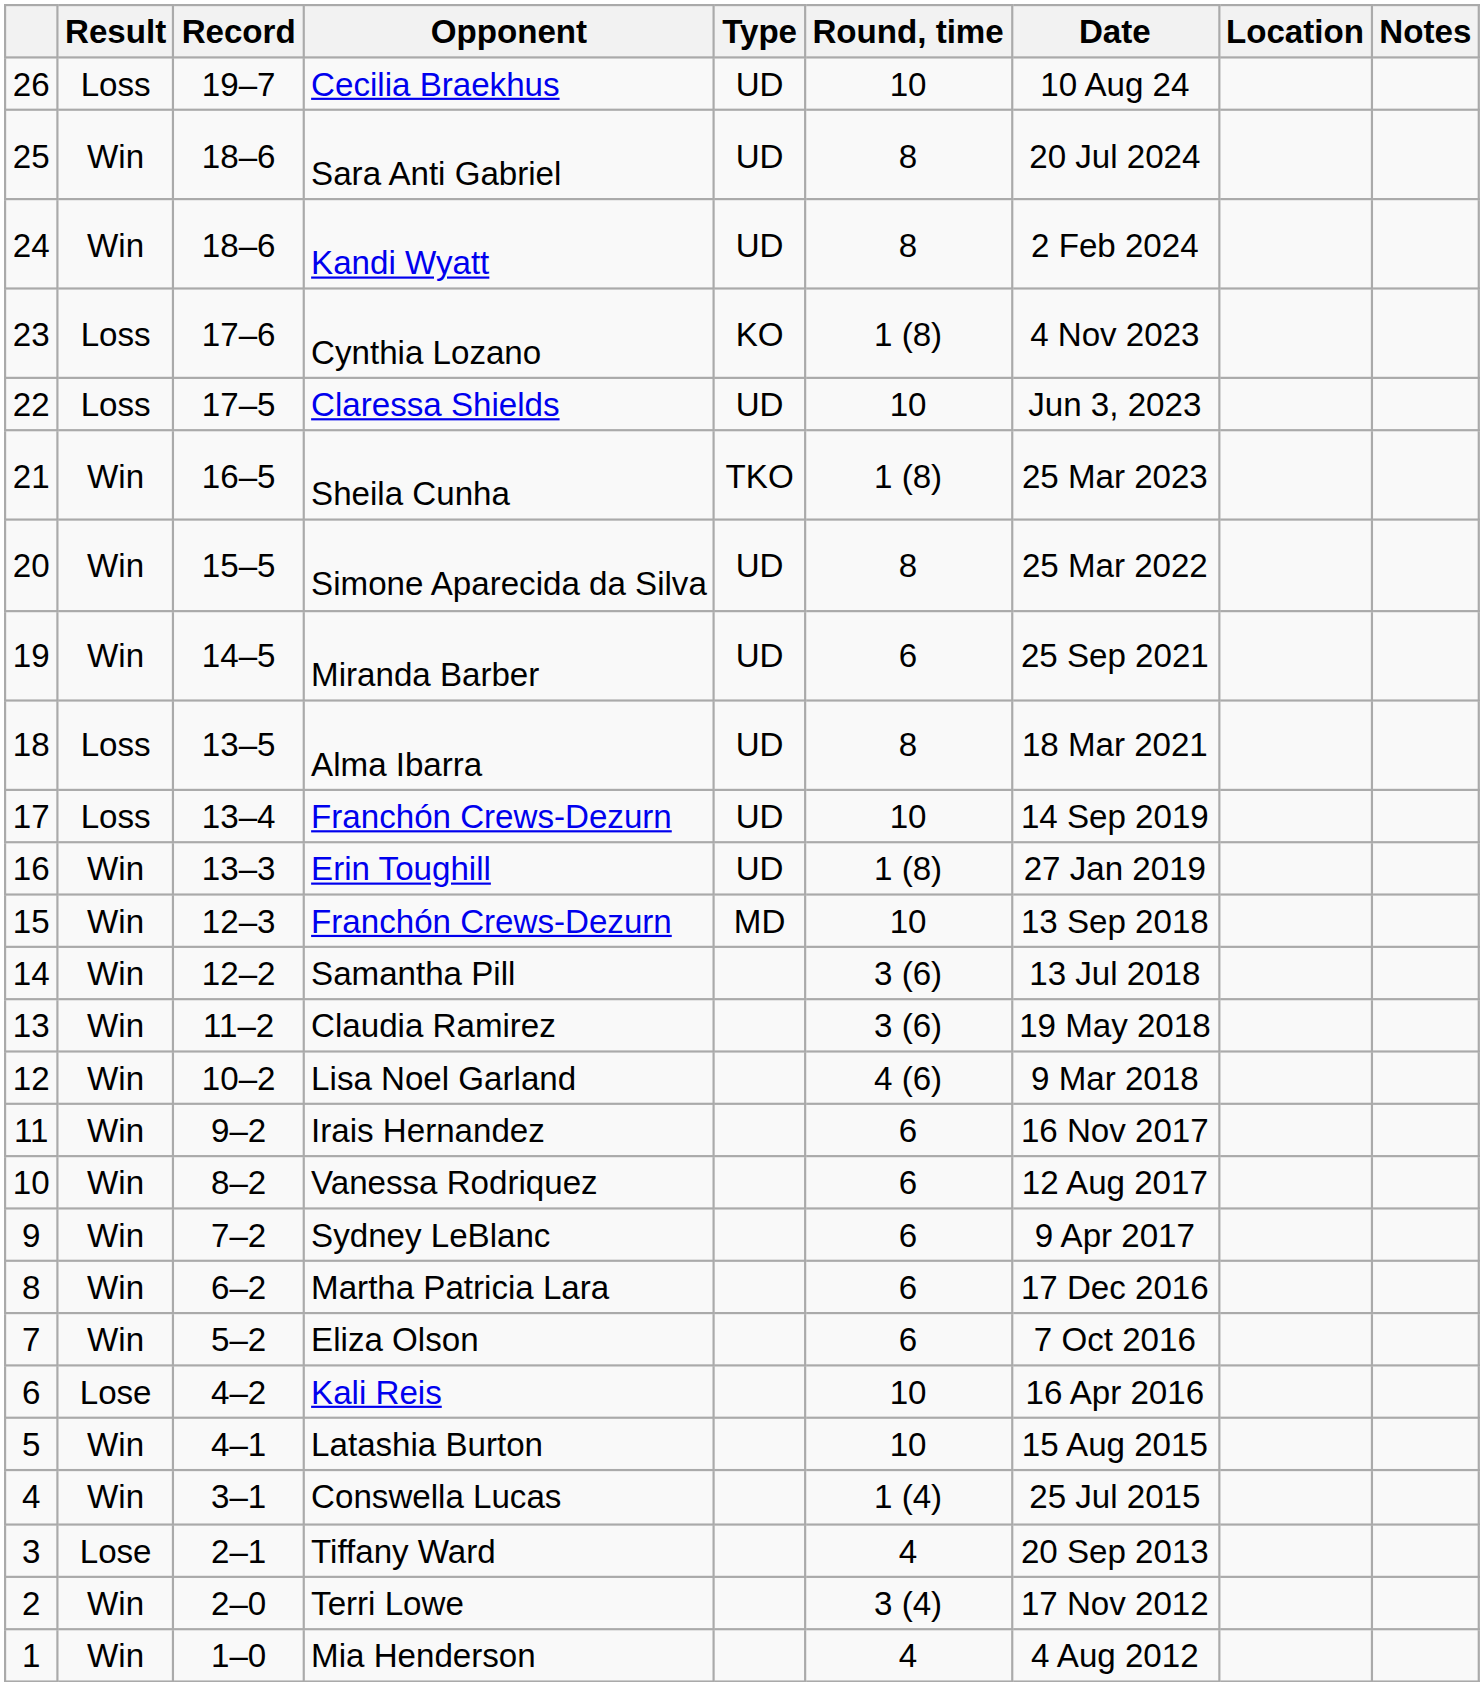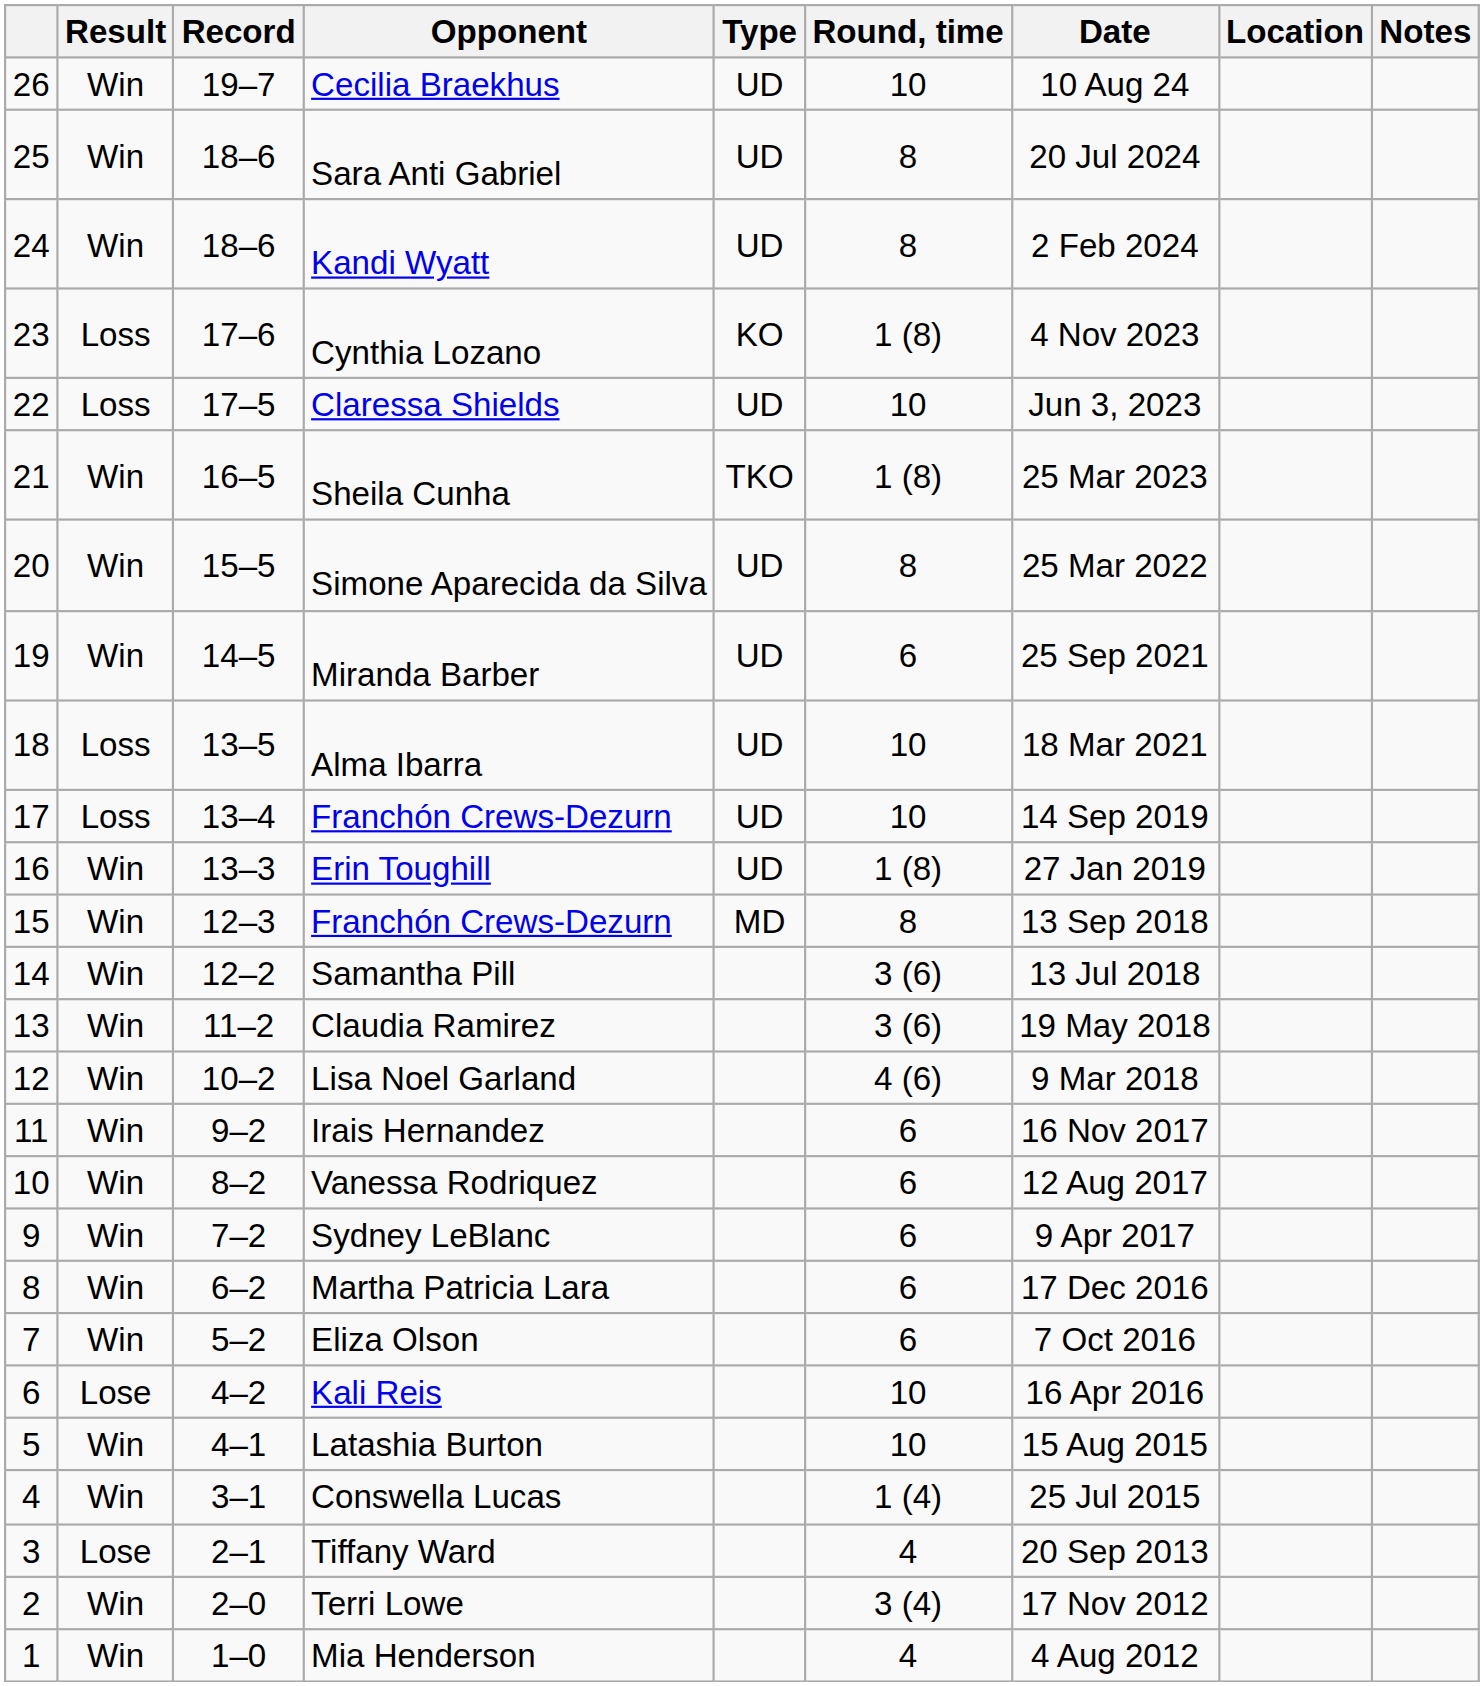 <table class="wikitable" style="text-align:center; font-size:95%">
 <tr>
 <th></th>
 <th>Result</th>
 <th>Record</th>
 <th>Opponent</th>
 <th>Type</th>
 <th>Round, time</th>
 <th>Date</th>
 <th>Location</th>
 <th>Notes</th>
 </tr>
 <tr>
 <td>26</td>
-<td>Loss</td>
+<td>Win</td>
 <td>19–7</td>
 <td style="text-align:left;"> <a href='#'>Cecilia Braekhus</a></td>
 <td>UD</td>
 <td>10</td>
 <td>10 Aug 24</td>
 <td style="text-align:left;"></td>
 <td style="text-align:left;"></td>
 </tr>
 <tr>
 <td>25</td>
 <td>Win</td>
 <td>18–6</td>
 <td style="text-align:left;"><br> Sara Anti Gabriel</td>
 <td>UD</td>
 <td>8</td>
 <td>20 Jul 2024</td>
 <td style="text-align:left;"><br> </td>
 <td></td>
 </tr>
 <tr>
 <td>24</td>
 <td>Win</td>
 <td>18–6</td>
 <td style="text-align:left;"><br> <a href='#'>Kandi Wyatt</a></td>
 <td>UD</td>
 <td>8</td>
 <td>2 Feb 2024</td>
 <td style="text-align:left;"><br> </td>
 <td></td>
 </tr>
 <tr>
 <td>23</td>
 <td>Loss</td>
 <td>17–6</td>
 <td style="text-align:left;"><br> Cynthia Lozano</td>
 <td>KO</td>
 <td>1 (8)</td>
 <td>4 Nov 2023</td>
 <td style="text-align:left;"><br> </td>
 <td></td>
 </tr>
 <tr>
 <td>22</td>
 <td>Loss</td>
 <td>17–5</td>
 <td style="text-align:left;"> <a href='#'>Claressa Shields</a></td>
 <td>UD</td>
 <td>10</td>
 <td>Jun 3, 2023</td>
 <td style="text-align:left;"></td>
 <td style="text-align:left;"></td>
 </tr>
 <tr>
 <td>21</td>
 <td>Win</td>
 <td>16–5</td>
 <td style="text-align:left;"><br> Sheila Cunha</td>
 <td>TKO</td>
 <td>1 (8)</td>
 <td>25 Mar 2023</td>
 <td style="text-align:left;"><br> </td>
 <td></td>
 </tr>
 <tr>
 <td>20</td>
 <td>Win</td>
 <td>15–5</td>
 <td style="text-align:left;"><br> Simone Aparecida da Silva</td>
 <td>UD</td>
 <td>8</td>
 <td>25 Mar 2022</td>
 <td style="text-align:left;"><br> </td>
 <td></td>
 </tr>
 <tr>
 <td>19</td>
 <td>Win</td>
 <td>14–5</td>
 <td style="text-align:left;"><br> Miranda Barber</td>
 <td>UD</td>
 <td>6</td>
 <td>25 Sep 2021</td>
 <td style="text-align:left;"><br> </td>
 <td></td>
 </tr>
 <tr>
 <td>18</td>
 <td>Loss</td>
 <td>13–5</td>
 <td style="text-align:left;"><br> Alma Ibarra</td>
 <td>UD</td>
-<td>8</td>
+<td>10</td>
 <td>18 Mar 2021</td>
 <td style="text-align:left;"><br> </td>
 <td></td>
 </tr>
 <tr>
 <td>17</td>
 <td>Loss</td>
 <td>13–4</td>
 <td style="text-align:left;"> <a href='#'>Franchón Crews-Dezurn</a></td>
 <td>UD</td>
 <td>10</td>
 <td>14 Sep 2019</td>
 <td style="text-align:left;"> </td>
 <td style="text-align:left;"></td>
 </tr>
 <tr>
 <td>16</td>
 <td>Win</td>
 <td>13–3</td>
 <td style="text-align:left;"> <a href='#'>Erin Toughill</a></td>
 <td>UD</td>
 <td>1 (8)</td>
 <td>27 Jan 2019</td>
 <td style="text-align:left;"> </td>
 <td></td>
 </tr>
 <tr>
 <td>15</td>
 <td>Win</td>
 <td>12–3</td>
 <td style="text-align:left;"> <a href='#'>Franchón Crews-Dezurn</a></td>
 <td>MD</td>
-<td>10</td>
+<td>8</td>
 <td>13 Sep 2018</td>
 <td style="text-align:left;"> </td>
 <td style="text-align:left;"></td>
 </tr>
 <tr>
 <td>14</td>
 <td>Win</td>
 <td>12–2</td>
 <td style="text-align:left;"> Samantha Pill</td>
 <td></td>
 <td>3 (6) </td>
 <td>13 Jul 2018</td>
 <td style="text-align:left;"> </td>
 <td></td>
 </tr>
 <tr>
 <td>13</td>
 <td>Win</td>
 <td>11–2</td>
 <td style="text-align:left;"> Claudia Ramirez</td>
 <td></td>
 <td>3 (6) </td>
 <td>19 May 2018</td>
 <td style="text-align:left;"> </td>
 <td></td>
 </tr>
 <tr>
 <td>12</td>
 <td>Win</td>
 <td>10–2</td>
 <td style="text-align:left;"> Lisa Noel Garland</td>
 <td></td>
 <td>4 (6) </td>
 <td>9 Mar 2018</td>
 <td style="text-align:left;"> </td>
 <td></td>
 </tr>
 <tr>
 <td>11</td>
 <td>Win</td>
 <td>9–2</td>
 <td style="text-align:left;"> Irais Hernandez</td>
 <td></td>
 <td>6</td>
 <td>16 Nov 2017</td>
 <td style="text-align:left;"> </td>
 <td></td>
 </tr>
 <tr>
 <td>10</td>
 <td>Win</td>
 <td>8–2</td>
 <td style="text-align:left;"> Vanessa Rodriquez</td>
 <td></td>
 <td>6</td>
 <td>12 Aug 2017</td>
 <td style="text-align:left;"> </td>
 <td></td>
 </tr>
 <tr>
 <td>9</td>
 <td>Win</td>
 <td>7–2</td>
 <td style="text-align:left;"> Sydney LeBlanc</td>
 <td></td>
 <td>6</td>
 <td>9 Apr 2017</td>
 <td style="text-align:left;"> </td>
 <td></td>
 </tr>
 <tr>
 <td>8</td>
 <td>Win</td>
 <td>6–2</td>
 <td style="text-align:left;"> Martha Patricia Lara</td>
 <td></td>
 <td>6</td>
 <td>17 Dec 2016</td>
 <td style="text-align:left;"> </td>
 <td></td>
 </tr>
 <tr>
 <td>7</td>
 <td>Win</td>
 <td>5–2</td>
 <td style="text-align:left;"> Eliza Olson</td>
 <td></td>
 <td>6</td>
 <td>7 Oct 2016</td>
 <td style="text-align:left;"> </td>
 <td></td>
 </tr>
 <tr>
 <td>6</td>
 <td>Lose</td>
 <td>4–2</td>
 <td style="text-align:left;"> <a href='#'>Kali Reis</a></td>
 <td></td>
 <td>10</td>
 <td>16 Apr 2016</td>
 <td style="text-align:left;"> </td>
 <td style="text-align:left;"></td>
 </tr>
 <tr>
 <td>5</td>
 <td>Win</td>
 <td>4–1</td>
 <td style="text-align:left;"> Latashia Burton</td>
 <td></td>
 <td>10</td>
 <td>15 Aug 2015</td>
 <td style="text-align:left;"> </td>
 <td style="text-align:left;"></td>
 </tr>
 <tr>
 <td>4</td>
 <td>Win</td>
 <td>3–1</td>
 <td style="text-align:left;"> Conswella Lucas</td>
 <td></td>
 <td>1 (4) </td>
 <td>25 Jul 2015</td>
 <td style="text-align:left;"> </td>
 <td></td>
 </tr>
 <tr>
 <td>3</td>
 <td>Lose</td>
 <td>2–1</td>
 <td style="text-align:left;"> Tiffany Ward</td>
 <td></td>
 <td>4</td>
 <td>20 Sep 2013</td>
 <td style="text-align:left;"> </td>
 <td></td>
 </tr>
 <tr>
 <td>2</td>
 <td>Win</td>
 <td>2–0</td>
 <td style="text-align:left;"> Terri Lowe</td>
 <td></td>
 <td>3 (4)</td>
 <td>17 Nov 2012</td>
 <td style="text-align:left;"> </td>
 <td></td>
 </tr>
 <tr>
 <td>1</td>
 <td>Win</td>
 <td>1–0</td>
 <td style="text-align:left;"> Mia Henderson</td>
 <td></td>
 <td>4</td>
 <td>4 Aug 2012</td>
 <td style="text-align:left;"> </td>
 <td style="text-align:left;"></td>
 </tr>
 </table>
